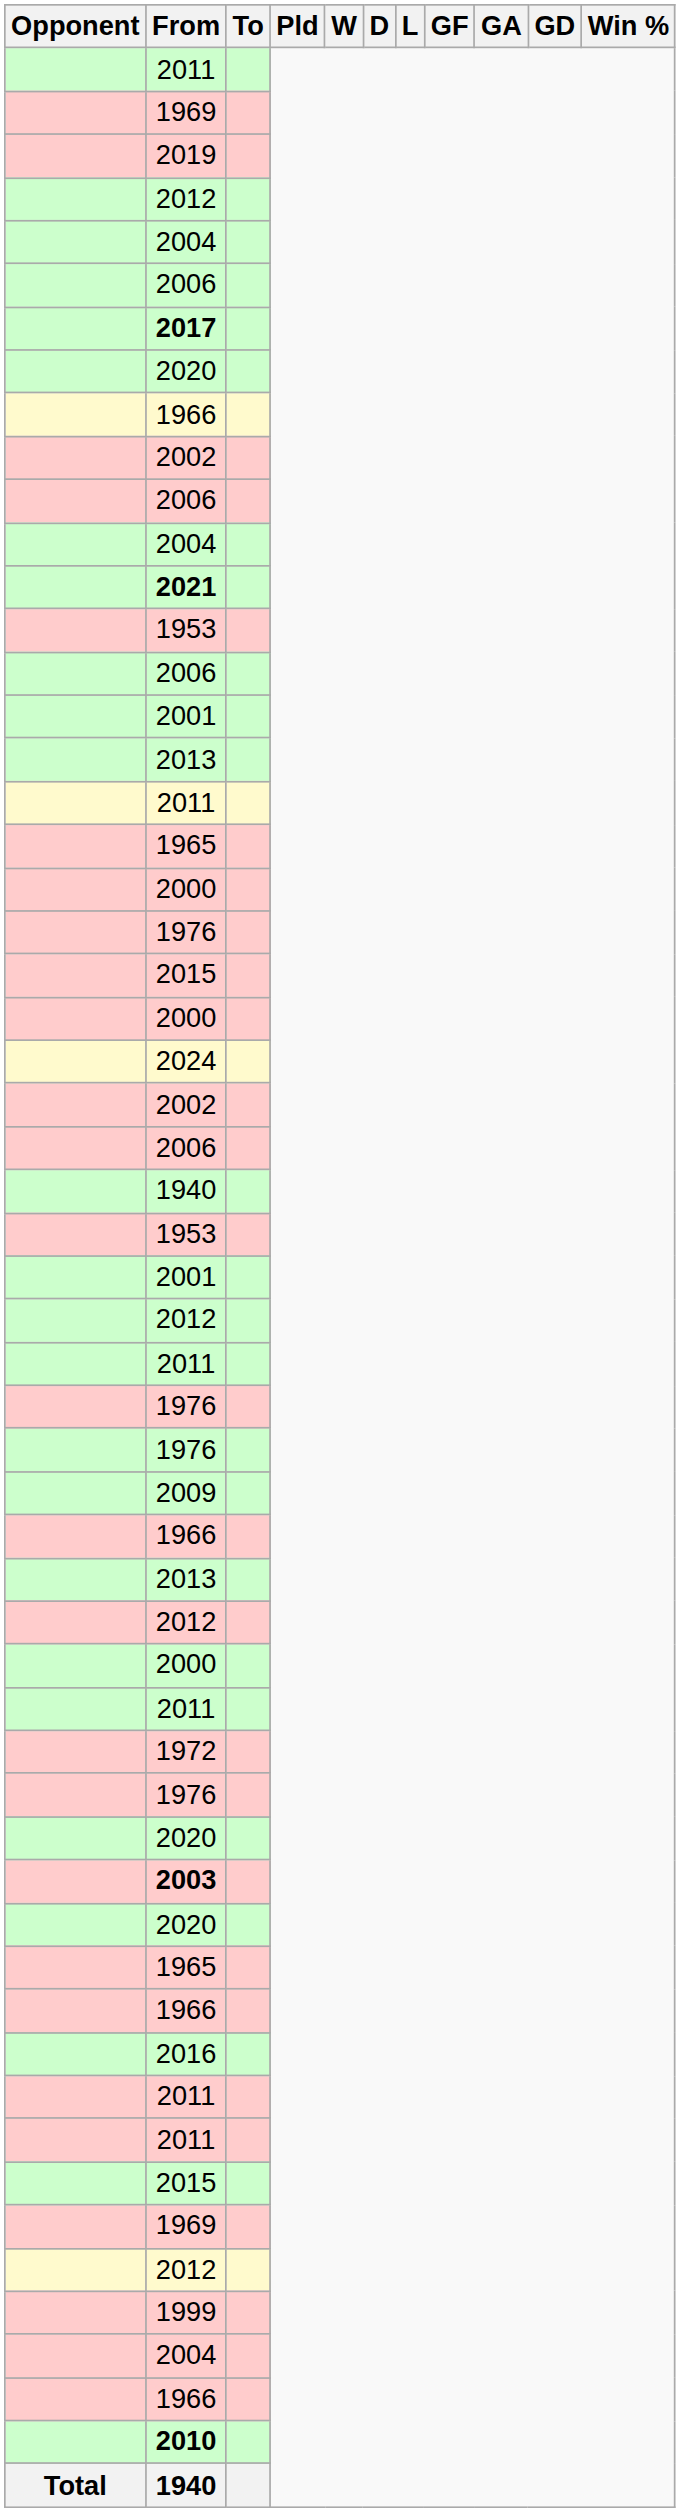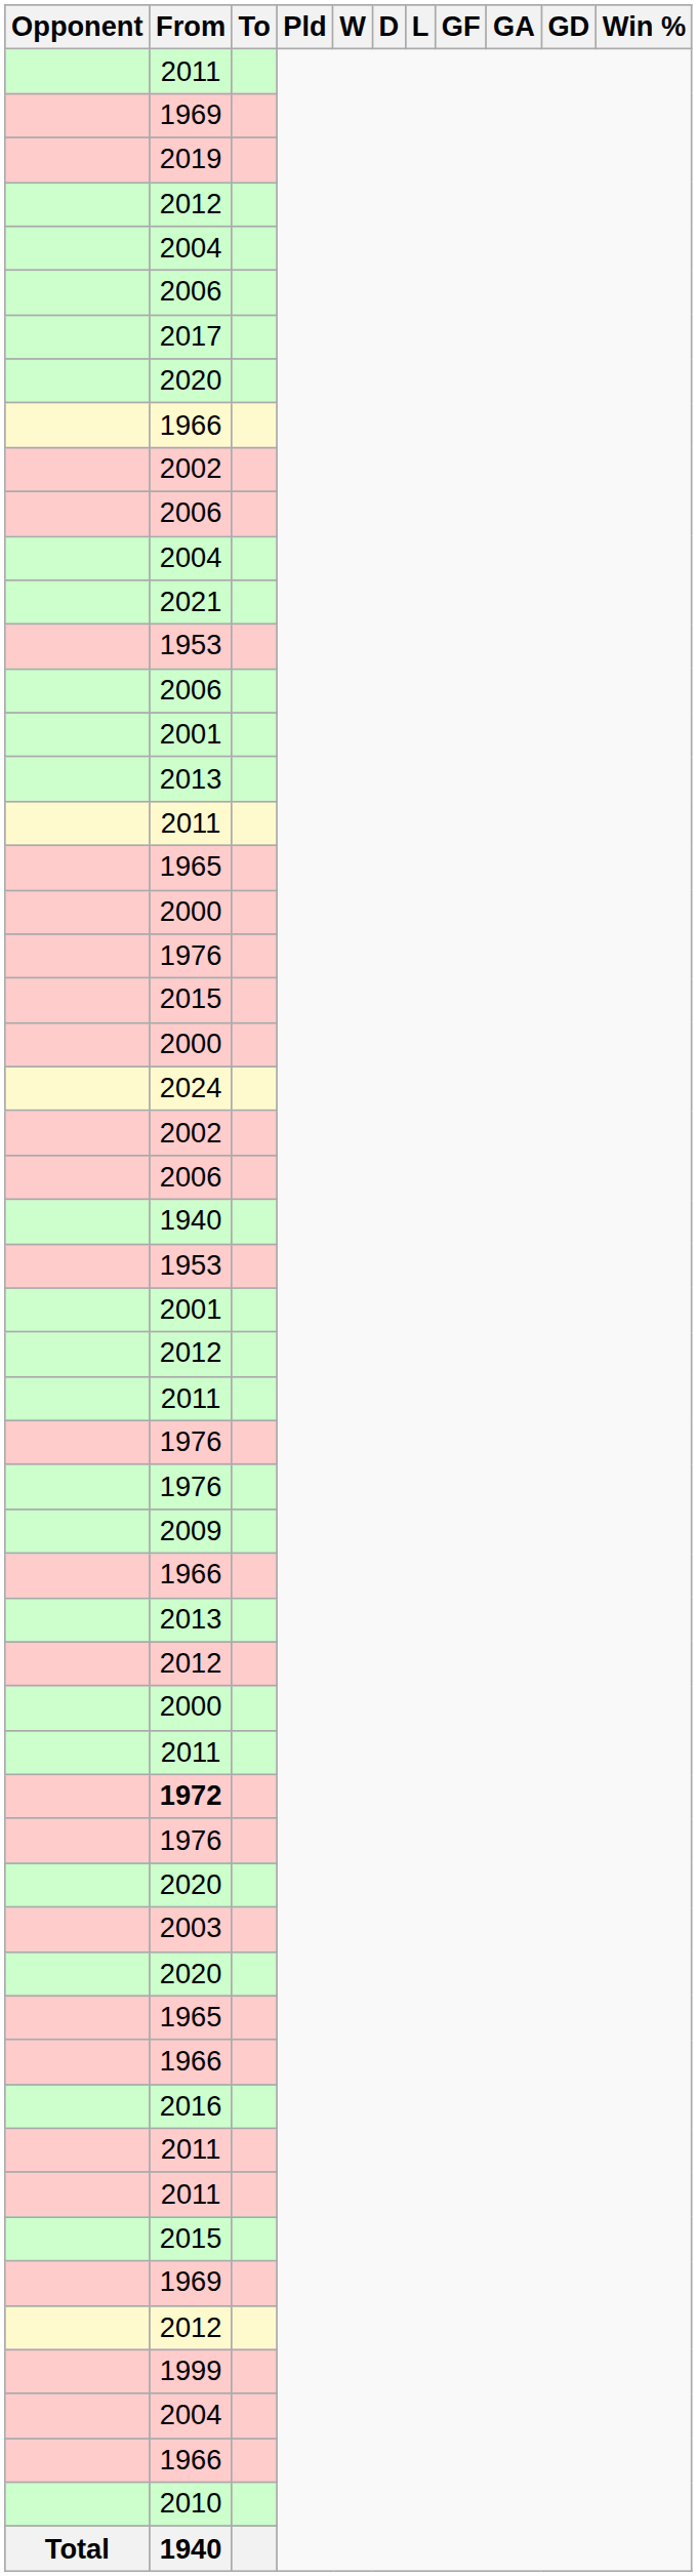 <table class="sortable wikitable collapsible" style="text-align:center;">
 <tr>
 <th>Opponent</th>
 <th>From</th>
 <th>To</th>
 <th>Pld</th>
 <th>W</th>
 <th>D</th>
 <th>L</th>
 <th>GF</th>
 <th>GA</th>
 <th>GD</th>
 <th>Win %</th>
 </tr>
 <tr bgcolor=CCFFCC>
 <td align="left"></td>
 <td>2011</td>
 <td 2018></td>
 </tr>
 <tr bgcolor=FFCCCC>
 <td align="left"></td>
 <td>1969</td>
 <td 2005></td>
 </tr>
 <tr bgcolor=FFCCCC>
 <td align="left"></td>
 <td>2019</td>
 <td 2024></td>
 </tr>
 <tr bgcolor=CCFFCC>
 <td align="left"></td>
 <td>2012</td>
 <td 2012></td>
 </tr>
 <tr bgcolor=CCFFCC>
 <td align="left"></td>
 <td>2004</td>
 <td 2023></td>
 </tr>
 <tr bgcolor=CCFFCC>
 <td align="left"></td>
 <td>2006</td>
 <td 2024></td>
 </tr>
 <tr bgcolor=CCFFCC>
 <td align="left"></td>
-<td><strong>2017</strong></td>
+<td>2017</td>
 <td 2017></td>
 </tr>
 <tr bgcolor=CCFFCC>
 <td align="left"></td>
 <td>2020</td>
 <td 2020></td>
 </tr>
 <tr bgcolor=FFFACD>
 <td align="left"></td>
 <td>1966</td>
 <td 2006></td>
 </tr>
 <tr bgcolor=FFCCCC>
 <td align="left"></td>
 <td>2002</td>
 <td 2002></td>
 </tr>
 <tr bgcolor=FFCCCC>
 <td align="left"></td>
 <td>2006</td>
 <td 2023></td>
 </tr>
 <tr bgcolor=CCFFCC>
 <td align="left"></td>
 <td>2004</td>
 <td 2014></td>
 </tr>
 <tr bgcolor=CCFFCC>
 <td align="left"></td>
-<td><strong>2021</strong></td>
+<td>2021</td>
 <td 2021></td>
 </tr>
 <tr bgcolor=FFCCCC>
 <td align="left"></td>
 <td>1953</td>
 <td 1973></td>
 </tr>
 <tr bgcolor=CCFFCC>
 <td align="left"></td>
 <td>2006</td>
 <td 2006></td>
 </tr>
 <tr bgcolor=CCFFCC>
 <td align="left"></td>
 <td>2001</td>
 <td 2024></td>
 </tr>
 <tr bgcolor=CCFFCC>
 <td align="left"></td>
 <td>2013</td>
 <td 2014></td>
 </tr>
 <tr bgcolor=FFFACD>
 <td align="left"></td>
 <td>2011</td>
 <td 2023></td>
 </tr>
 <tr bgcolor=FFCCCC>
 <td align="left"></td>
 <td>1965</td>
 <td 2025></td>
 </tr>
 <tr bgcolor=FFCCCC>
 <td align="left"></td>
 <td>2000</td>
 <td 2024></td>
 </tr>
 <tr bgcolor=FFCCCC>
 <td align="left"></td>
 <td>1976</td>
 <td 2025></td>
 </tr>
 <tr bgcolor=FFCCCC>
 <td align="left"></td>
 <td>2015</td>
 <td 2015></td>
 </tr>
 <tr bgcolor=FFCCCC>
 <td align="left"></td>
 <td>2000</td>
 <td 2000></td>
 </tr>
 <tr bgcolor=FFFACD>
 <td align="left"></td>
 <td>2024</td>
 <td 2024></td>
 </tr>
 <tr bgcolor=FFCCCC>
 <td align="left"></td>
 <td>2002</td>
 <td 2024></td>
 </tr>
 <tr bgcolor=FFCCCC>
 <td align="left"></td>
 <td>2006</td>
 <td 2021></td>
 </tr>
 <tr bgcolor=CCFFCC>
 <td align="left"></td>
 <td>1940</td>
 <td 2024></td>
 </tr>
 <tr bgcolor=FFCCCC>
 <td align="left"></td>
 <td>1953</td>
 <td 2011></td>
 </tr>
 <tr bgcolor=CCFFCC>
 <td align="left"></td>
 <td>2001</td>
 <td 2015></td>
 </tr>
 <tr bgcolor=CCFFCC>
 <td align="left"></td>
 <td>2012</td>
 <td 2017></td>
 </tr>
 <tr bgcolor=CCFFCC>
 <td align="left"></td>
 <td>2011</td>
 <td 2014></td>
 </tr>
 <tr bgcolor=FFCCCC>
 <td align="left"></td>
 <td>1976</td>
 <td 2021></td>
 </tr>
 <tr bgcolor=CCFFCC>
 <td align="left"></td>
 <td>1976</td>
 <td 2010></td>
 </tr>
 <tr bgcolor=CCFFCC>
 <td align="left"></td>
 <td>2009</td>
 <td 2018></td>
 </tr>
 <tr bgcolor=FFCCCC>
 <td align="left"></td>
 <td>1966</td>
 <td 2012></td>
 </tr>
 <tr bgcolor=CCFFCC>
 <td align="left"></td>
 <td>2013</td>
 <td 2013></td>
 </tr>
 <tr bgcolor=FFCCCC>
 <td align="left"></td>
 <td>2012</td>
 <td 2024></td>
 </tr>
 <tr bgcolor=CCFFCC>
 <td align="left"></td>
 <td>2000</td>
 <td 2018></td>
 </tr>
 <tr bgcolor=CCFFCC>
 <td align="left"></td>
 <td>2011</td>
 <td 2022></td>
 </tr>
 <tr bgcolor=FFCCCC>
 <td align="left"></td>
-<td>1972</td>
+<td><strong>1972</strong></td>
 <td 2024></td>
 </tr>
 <tr bgcolor=FFCCCC>
 <td align="left"></td>
 <td>1976</td>
 <td 2021></td>
 </tr>
 <tr bgcolor=CCFFCC>
 <td align="left"></td>
 <td>2020</td>
 <td 2020></td>
 </tr>
 <tr bgcolor=FFCCCC>
 <td align="left"></td>
-<td><strong>2003</strong></td>
+<td>2003</td>
 <td 2021></td>
 </tr>
 <tr bgcolor=CCFFCC>
 <td align="left"></td>
 <td>2020</td>
 <td 2020></td>
 </tr>
 <tr bgcolor=FFCCCC>
 <td align="left"></td>
 <td>1965</td>
 <td 2010></td>
 </tr>
 <tr bgcolor=FFCCCC>
 <td align="left"></td>
 <td>1966</td>
 <td 2019></td>
 </tr>
 <tr bgcolor=CCFFCC>
 <td align="left"></td>
 <td>2016</td>
 <td 2018></td>
 </tr>
 <tr bgcolor=FFCCCC>
 <td align="left"></td>
 <td>2011</td>
 <td 2011></td>
 </tr>
 <tr bgcolor=FFCCCC>
 <td align="left"></td>
 <td>2011</td>
 <td 2011></td>
 </tr>
 <tr bgcolor=CCFFCC>
 <td align="left"></td>
 <td>2015</td>
 <td 2016></td>
 </tr>
 <tr bgcolor=FFCCCC>
 <td align="left"></td>
 <td>1969</td>
 <td 1973></td>
 </tr>
 <tr bgcolor=FFFACD>
 <td align="left"></td>
 <td>2012</td>
 <td 2012></td>
 </tr>
 <tr bgcolor=FFCCCC>
 <td align="left"></td>
 <td>1999</td>
 <td 2024></td>
 </tr>
 <tr bgcolor=FFCCCC>
 <td align="left"></td>
 <td>2004</td>
 <td 2023></td>
 </tr>
 <tr bgcolor=FFCCCC>
 <td align="left"></td>
 <td>1966</td>
 <td 2023></td>
 </tr>
 <tr bgcolor=CCFFCC>
 <td align="left"></td>
-<td><strong>2010</strong></td>
+<td>2010</td>
 <td 2022></td>
 </tr>
 <tr class="sortbottom">
 <th>Total</th>
 <th>1940</th>
 <th 2025></th>
 </tr>
 </table>
